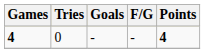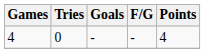 <table class="wikitable">
 <tr bgcolor=#bdb76b>
 <th>Games</th>
 <th>Tries</th>
 <th>Goals</th>
 <th>F/G</th>
 <th>Points</th>
 </tr>
 <tr>
-<td><strong>4</strong></td>
+<td>4</td>
 <td>0</td>
 <td>-</td>
 <td>-</td>
-<td><strong>4</strong></td>
+<td>4</td>
 </tr>
 <tr>
 </tr>
 </table>
